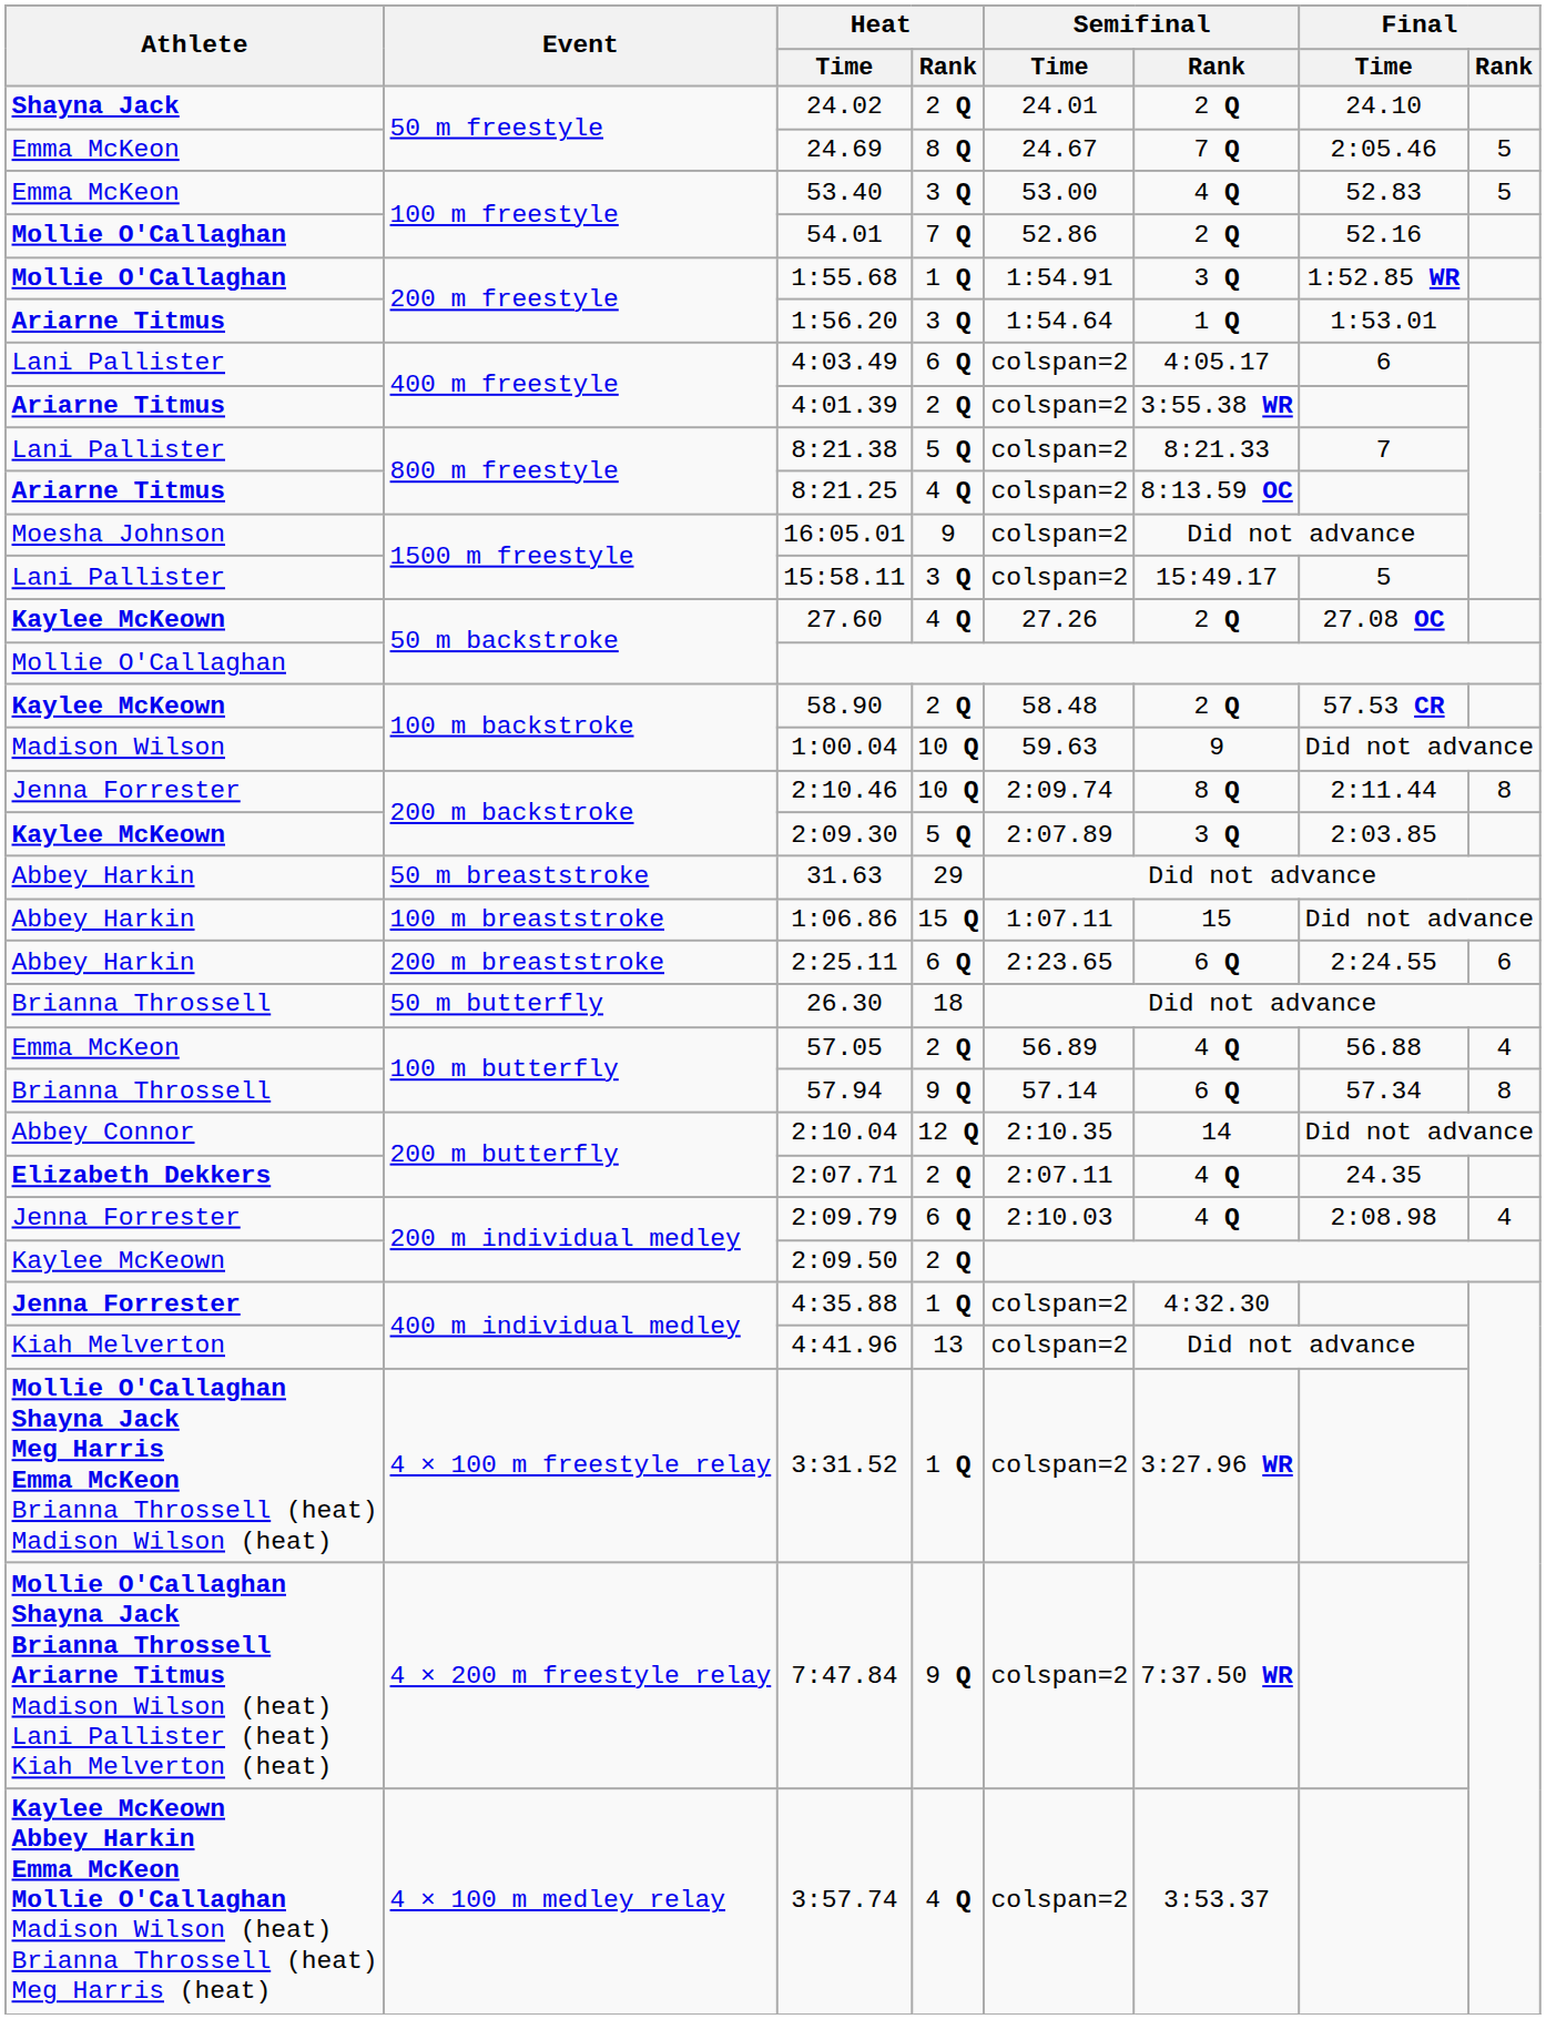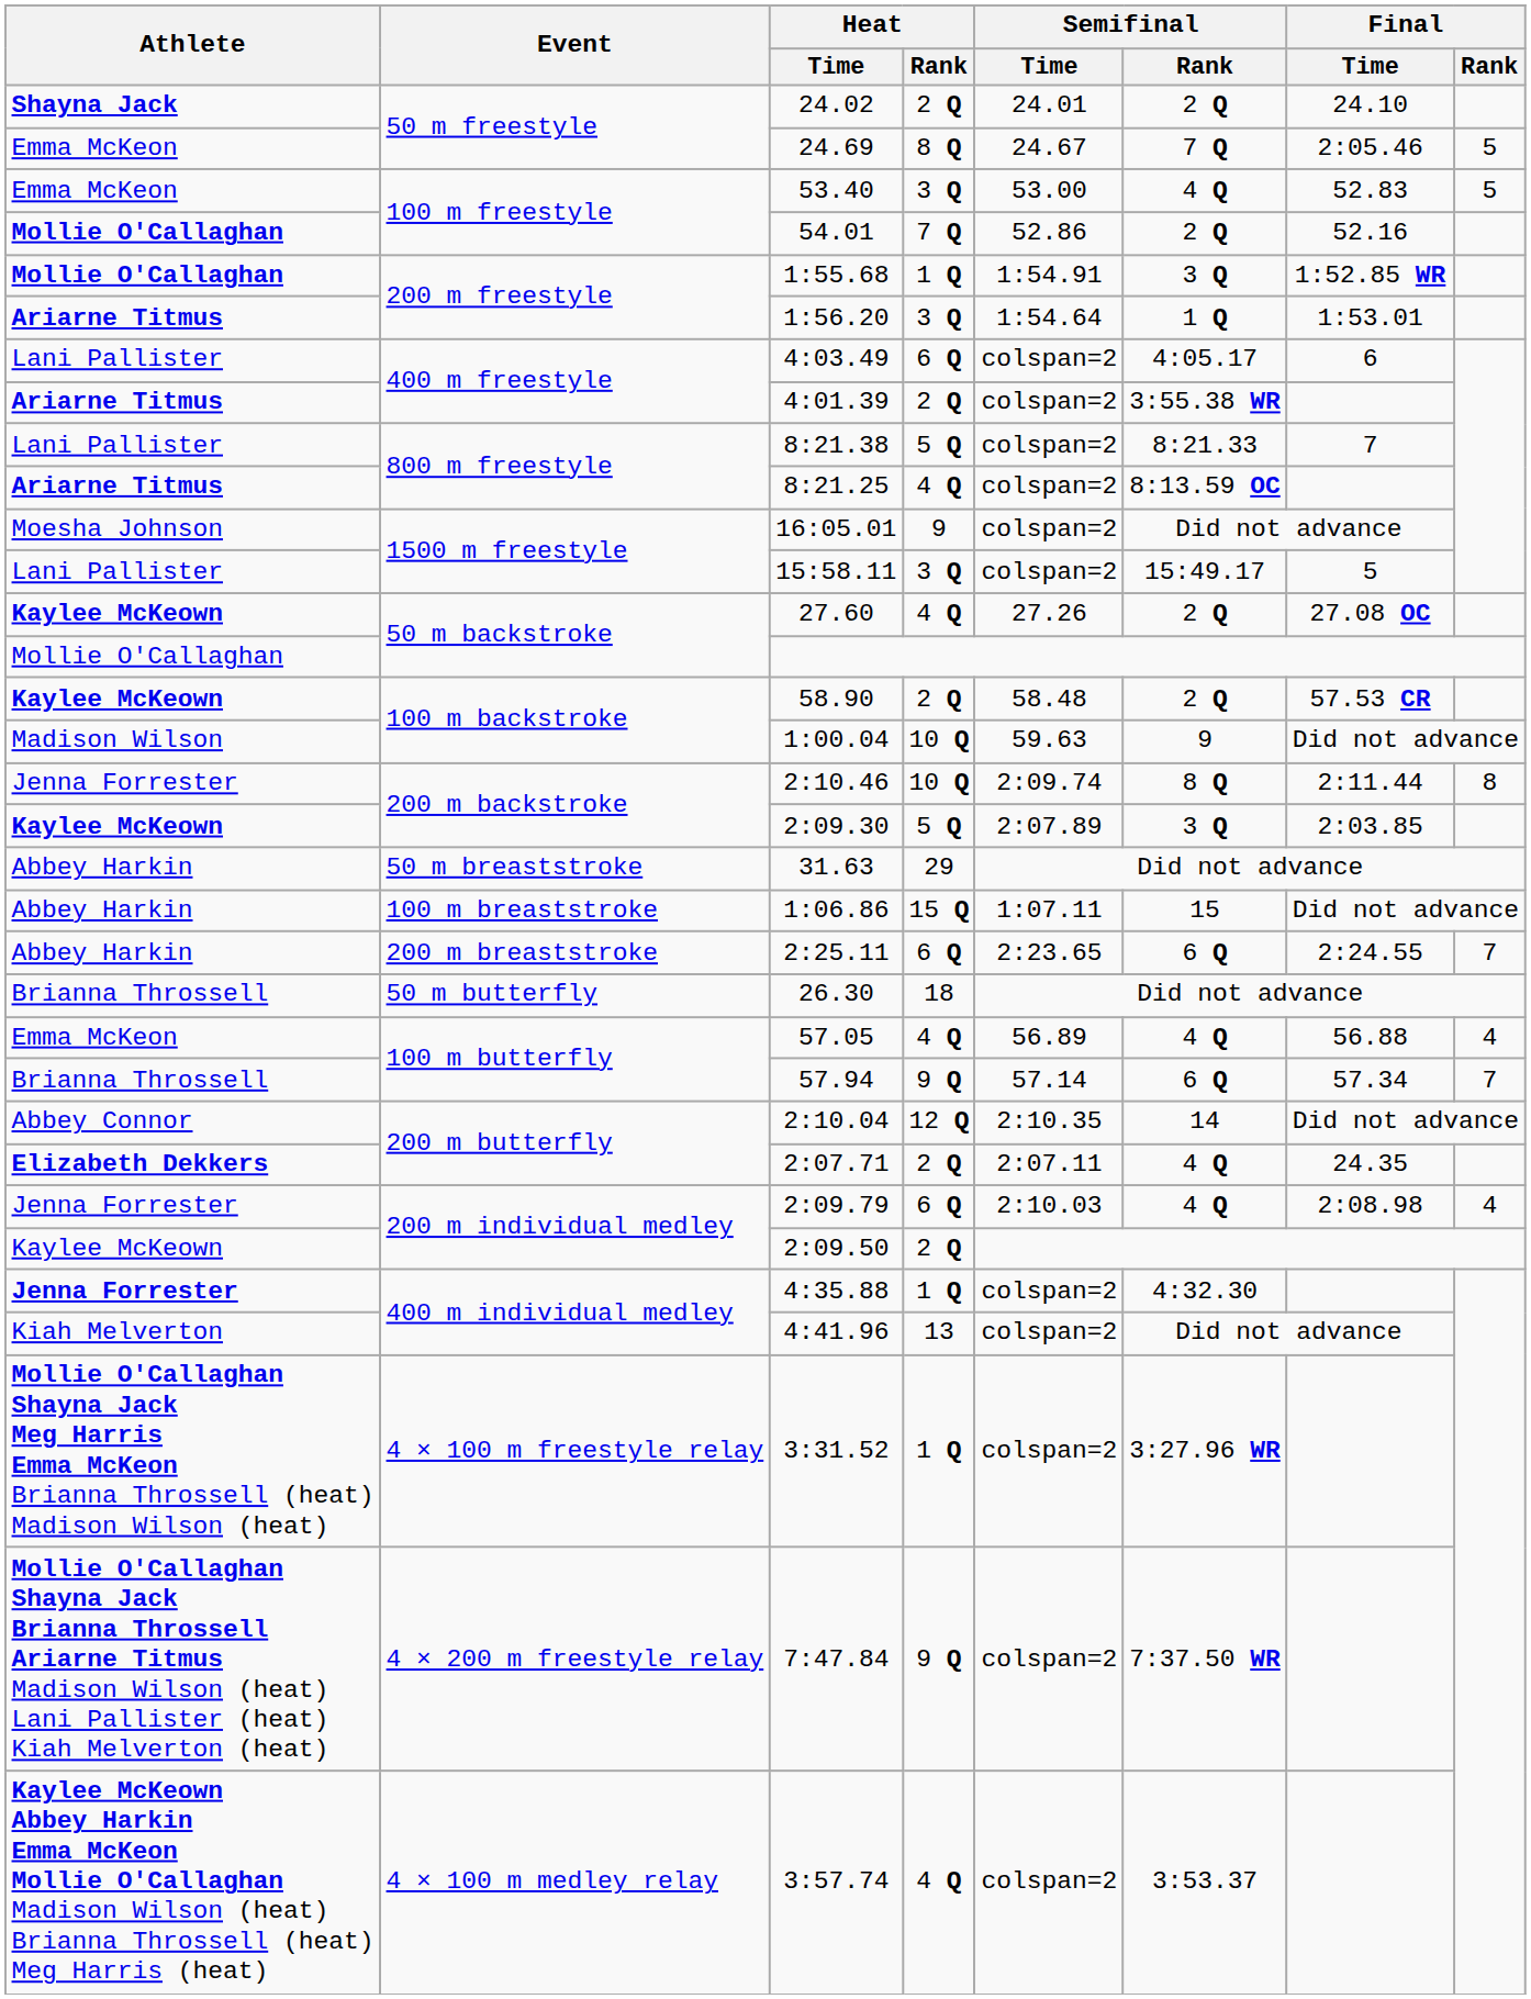 <table class="wikitable" style="text-align:center; font-size:90%">
 <tr>
 <th rowspan="2">Athlete</th>
 <th rowspan="2">Event</th>
 <th colspan="2">Heat</th>
 <th colspan="2">Semifinal</th>
 <th colspan="2">Final</th>
 </tr>
 <tr style="font-size:95%">
 <th>Time</th>
 <th>Rank</th>
 <th>Time</th>
 <th>Rank</th>
 <th>Time</th>
 <th>Rank</th>
 </tr>
 <tr>
 <td align=left><strong><a href='#'>Shayna Jack</a></strong></td>
 <td align=left rowspan=2><a href='#'>50 m freestyle</a></td>
 <td>24.02</td>
 <td>2 <strong>Q</strong></td>
 <td>24.01</td>
 <td>2 <strong>Q</strong></td>
 <td>24.10</td>
 <td></td>
 </tr>
 <tr>
 <td align=left><a href='#'>Emma McKeon</a></td>
 <td>24.69</td>
 <td>8 <strong>Q</strong></td>
 <td>24.67</td>
 <td>7 <strong>Q</strong></td>
 <td>2:05.46</td>
 <td>5</td>
 </tr>
 <tr>
 <td align=left><a href='#'>Emma McKeon</a></td>
 <td align=left rowspan=2><a href='#'>100 m freestyle</a></td>
 <td>53.40</td>
 <td>3 <strong>Q</strong></td>
 <td>53.00</td>
 <td>4 <strong>Q</strong></td>
 <td>52.83</td>
 <td>5</td>
 </tr>
 <tr>
 <td align=left><strong><a href='#'>Mollie O'Callaghan</a></strong></td>
 <td>54.01</td>
 <td>7 <strong>Q</strong></td>
 <td>52.86</td>
 <td>2 <strong>Q</strong></td>
 <td>52.16</td>
 <td></td>
 </tr>
 <tr>
 <td align=left><strong><a href='#'>Mollie O'Callaghan</a></strong></td>
 <td align=left rowspan=2><a href='#'>200 m freestyle</a></td>
 <td>1:55.68</td>
 <td>1 <strong>Q</strong></td>
 <td>1:54.91</td>
 <td>3 <strong>Q</strong></td>
 <td>1:52.85 <a href='#'><strong>WR</strong></a></td>
 <td></td>
 </tr>
 <tr>
 <td align=left><strong><a href='#'>Ariarne Titmus</a></strong></td>
 <td>1:56.20</td>
 <td>3 <strong>Q</strong></td>
 <td>1:54.64</td>
 <td>1 <strong>Q</strong></td>
 <td>1:53.01</td>
 <td></td>
 </tr>
 <tr>
 <td align=left><a href='#'>Lani Pallister</a></td>
 <td align=left rowspan=2><a href='#'>400 m freestyle</a></td>
 <td>4:03.49</td>
 <td>6 <strong>Q</strong></td>
 <td>colspan=2 </td>
 <td>4:05.17</td>
 <td>6</td>
 </tr>
 <tr>
 <td align=left><strong><a href='#'>Ariarne Titmus</a></strong></td>
 <td>4:01.39</td>
 <td>2 <strong>Q</strong></td>
 <td>colspan=2 </td>
 <td>3:55.38 <a href='#'><strong>WR</strong></a></td>
 <td></td>
 </tr>
 <tr>
 <td align=left><a href='#'>Lani Pallister</a></td>
 <td align=left rowspan=2><a href='#'>800 m freestyle</a></td>
 <td>8:21.38</td>
 <td>5 <strong>Q</strong></td>
 <td>colspan=2 </td>
 <td>8:21.33</td>
 <td>7</td>
 </tr>
 <tr>
 <td align=left><strong><a href='#'>Ariarne Titmus</a></strong></td>
 <td>8:21.25</td>
 <td>4 <strong>Q</strong></td>
 <td>colspan=2 </td>
 <td>8:13.59 <a href='#'><strong>OC</strong></a></td>
 <td></td>
 </tr>
 <tr>
 <td align=left><a href='#'>Moesha Johnson</a></td>
 <td align=left rowspan=2><a href='#'>1500 m freestyle</a></td>
 <td>16:05.01</td>
 <td>9</td>
 <td>colspan=2 </td>
 <td colspan=2>Did not advance</td>
 </tr>
 <tr>
 <td align=left><a href='#'>Lani Pallister</a></td>
 <td>15:58.11</td>
 <td>3 <strong>Q</strong></td>
 <td>colspan=2 </td>
 <td>15:49.17</td>
 <td>5</td>
 </tr>
 <tr>
 <td align=left><strong><a href='#'>Kaylee McKeown</a></strong></td>
 <td align=left rowspan=2><a href='#'>50 m backstroke</a></td>
 <td>27.60</td>
 <td>4 <strong>Q</strong></td>
 <td>27.26</td>
 <td>2 <strong>Q</strong></td>
 <td>27.08 <a href='#'><strong>OC</strong></a></td>
 <td></td>
 </tr>
 <tr>
 <td align=left><a href='#'>Mollie O'Callaghan</a></td>
 <td colspan=6></td>
 </tr>
 <tr>
 <td align=left><strong><a href='#'>Kaylee McKeown</a></strong></td>
 <td align=left rowspan=2><a href='#'>100 m backstroke</a></td>
 <td>58.90</td>
 <td>2 <strong>Q</strong></td>
 <td>58.48</td>
 <td>2 <strong>Q</strong></td>
 <td>57.53 <a href='#'><strong>CR</strong></a></td>
 <td></td>
 </tr>
 <tr>
 <td align=left><a href='#'>Madison Wilson</a></td>
 <td>1:00.04</td>
 <td>10 <strong>Q</strong></td>
 <td>59.63</td>
 <td>9</td>
 <td colspan=2>Did not advance</td>
 </tr>
 <tr>
 <td align=left><a href='#'>Jenna Forrester</a></td>
 <td align=left rowspan=2><a href='#'>200 m backstroke</a></td>
 <td>2:10.46</td>
 <td>10 <strong>Q</strong></td>
 <td>2:09.74</td>
 <td>8 <strong>Q</strong></td>
 <td>2:11.44</td>
 <td>8</td>
 </tr>
 <tr>
 <td align=left><strong><a href='#'>Kaylee McKeown</a></strong></td>
 <td>2:09.30</td>
 <td>5 <strong>Q</strong></td>
 <td>2:07.89</td>
 <td>3 <strong>Q</strong></td>
 <td>2:03.85</td>
 <td></td>
 </tr>
 <tr>
 <td align=left><a href='#'>Abbey Harkin</a></td>
 <td align=left><a href='#'>50 m breaststroke</a></td>
 <td>31.63</td>
 <td>29</td>
 <td colspan=4>Did not advance</td>
 </tr>
 <tr>
 <td align=left><a href='#'>Abbey Harkin</a></td>
 <td align=left><a href='#'>100 m breaststroke</a></td>
 <td>1:06.86</td>
 <td>15 <strong>Q</strong></td>
 <td>1:07.11</td>
 <td>15</td>
 <td colspan=2>Did not advance</td>
 </tr>
 <tr>
 <td align=left><a href='#'>Abbey Harkin</a></td>
 <td align=left><a href='#'>200 m breaststroke</a></td>
 <td>2:25.11</td>
 <td>6 <strong>Q</strong></td>
 <td>2:23.65</td>
 <td>6 <strong>Q</strong></td>
 <td>2:24.55</td>
-<td>6</td>
+<td>7</td>
 </tr>
 <tr>
 <td align=left><a href='#'>Brianna Throssell</a></td>
 <td align=left><a href='#'>50 m butterfly</a></td>
 <td>26.30</td>
 <td>18</td>
 <td colspan=4>Did not advance</td>
 </tr>
 <tr>
 <td align=left><a href='#'>Emma McKeon</a></td>
 <td align=left rowspan=2><a href='#'>100 m butterfly</a></td>
 <td>57.05</td>
-<td>2 <strong>Q</strong></td>
+<td>4 <strong>Q</strong></td>
 <td>56.89</td>
 <td>4 <strong>Q</strong></td>
 <td>56.88</td>
 <td>4</td>
 </tr>
 <tr>
 <td align=left><a href='#'>Brianna Throssell</a></td>
 <td>57.94</td>
 <td>9 <strong>Q</strong></td>
 <td>57.14</td>
 <td>6 <strong>Q</strong></td>
 <td>57.34</td>
-<td>8</td>
+<td>7</td>
 </tr>
 <tr>
 <td align=left><a href='#'>Abbey Connor</a></td>
 <td align=left rowspan=2><a href='#'>200 m butterfly</a></td>
 <td>2:10.04</td>
 <td>12 <strong>Q</strong></td>
 <td>2:10.35</td>
 <td>14</td>
 <td colspan=2>Did not advance</td>
 </tr>
 <tr>
 <td align=left><strong><a href='#'>Elizabeth Dekkers</a></strong></td>
 <td>2:07.71</td>
 <td>2 <strong>Q</strong></td>
 <td>2:07.11</td>
 <td>4 <strong>Q</strong></td>
 <td>24.35</td>
 <td></td>
 </tr>
 <tr>
 <td align=left><a href='#'>Jenna Forrester</a></td>
 <td align=left rowspan=2><a href='#'>200 m individual medley</a></td>
 <td>2:09.79</td>
 <td>6 <strong>Q</strong></td>
 <td>2:10.03</td>
 <td>4 <strong>Q</strong></td>
 <td>2:08.98</td>
 <td>4</td>
 </tr>
 <tr>
 <td align=left><a href='#'>Kaylee McKeown</a></td>
 <td>2:09.50</td>
 <td>2 <strong>Q</strong></td>
 <td colspan=4></td>
 </tr>
 <tr>
 <td align=left><strong><a href='#'>Jenna Forrester</a></strong></td>
 <td align=left rowspan=2><a href='#'>400 m individual medley</a></td>
 <td>4:35.88</td>
 <td>1 <strong>Q</strong></td>
 <td>colspan=2 </td>
 <td>4:32.30</td>
 <td></td>
 </tr>
 <tr>
 <td align=left><a href='#'>Kiah Melverton</a></td>
 <td>4:41.96</td>
 <td>13</td>
 <td>colspan=2 </td>
 <td colspan=2>Did not advance</td>
 </tr>
 <tr>
 <td align=left><strong><a href='#'>Mollie O'Callaghan</a></strong> <br> <strong><a href='#'>Shayna Jack</a></strong> <br> <strong><a href='#'>Meg Harris</a></strong> <br> <strong><a href='#'>Emma McKeon</a></strong> <br> <a href='#'>Brianna Throssell</a> (heat) <br> <a href='#'>Madison Wilson</a> (heat)</td>
 <td align=left><a href='#'>4 × 100 m freestyle relay</a></td>
 <td>3:31.52</td>
 <td>1 <strong>Q</strong></td>
 <td>colspan=2 </td>
 <td>3:27.96 <a href='#'><strong>WR</strong></a></td>
 <td></td>
 </tr>
 <tr>
 <td align=left><strong><a href='#'>Mollie O'Callaghan</a></strong> <br> <strong><a href='#'>Shayna Jack</a></strong> <br> <strong><a href='#'>Brianna Throssell</a></strong> <br> <strong><a href='#'>Ariarne Titmus</a></strong> <br> <a href='#'>Madison Wilson</a> (heat) <br> <a href='#'>Lani Pallister</a> (heat) <br> <a href='#'>Kiah Melverton</a> (heat)</td>
 <td align=left><a href='#'>4 × 200 m freestyle relay</a></td>
 <td>7:47.84</td>
 <td>9 <strong>Q</strong></td>
 <td>colspan=2 </td>
 <td>7:37.50 <a href='#'><strong>WR</strong></a></td>
 <td></td>
 </tr>
 <tr>
 <td align=left><strong><a href='#'>Kaylee McKeown</a></strong> <br> <strong><a href='#'>Abbey Harkin</a></strong> <br> <strong><a href='#'>Emma McKeon</a></strong> <br> <strong><a href='#'>Mollie O'Callaghan</a></strong> <br> <a href='#'>Madison Wilson</a> (heat) <br> <a href='#'>Brianna Throssell</a> (heat) <br> <a href='#'>Meg Harris</a> (heat)</td>
 <td align=left><a href='#'>4 × 100 m medley relay</a></td>
 <td>3:57.74</td>
 <td>4 <strong>Q</strong></td>
 <td>colspan=2 </td>
 <td>3:53.37</td>
 <td></td>
 </tr>
 </table>
